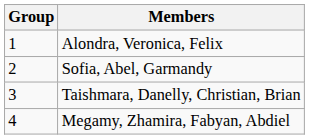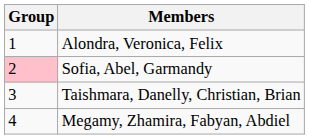 <table class="wikitable">
 <tr>
 <th>Group</th>
 <th>Members</th>
 </tr>
 <tr>
 <td>1</td>
 <td>Alondra, Veronica, Felix</td>
 </tr>
 <tr>
-<td>2</td>
+<td style="background: pink;">2</td>
 <td>Sofia, Abel, Garmandy</td>
 </tr>
 <tr>
 <td>3</td>
 <td>Taishmara, Danelly, Christian, Brian</td>
 </tr>
 <tr>
 <td>4</td>
 <td>Megamy, Zhamira, Fabyan, Abdiel</td>
 </tr>
 </table>
